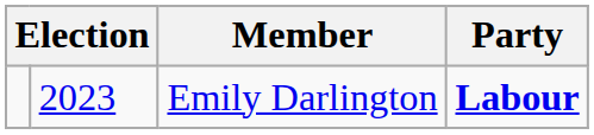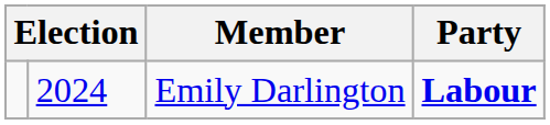 <table class="wikitable">
 <tr>
 <th colspan="2">Election</th>
 <th>Member</th>
 <th>Party</th>
 </tr>
 <tr>
 <td style="color:inherit;background-color: "></td>
-<td><a href='#'>2023</a></td>
+<td><a href='#'>2024</a></td>
 <td><a href='#'>Emily Darlington</a></td>
 <td><strong><a href='#'>Labour</a></strong></td>
 </tr>
 </table>
